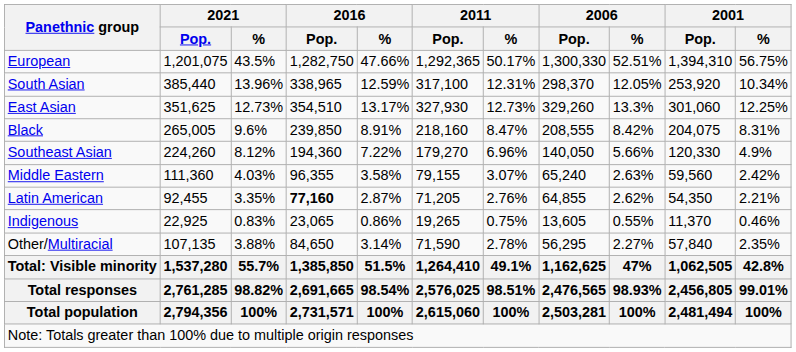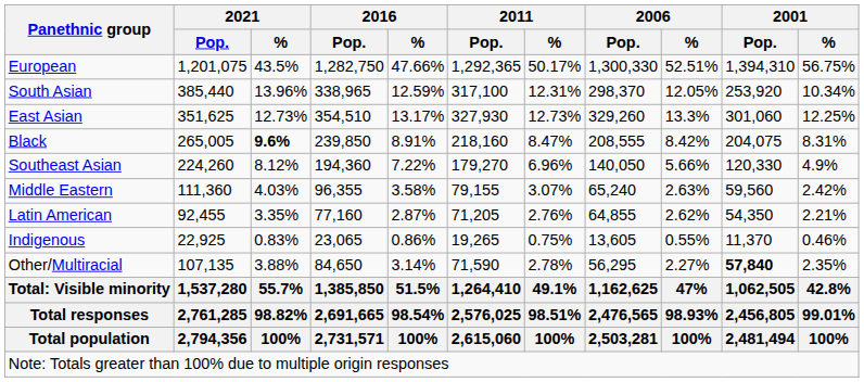 <table class="wikitable sortable mw-collapsible">
 <tr>
 <th rowspan="2"><a href='#'>Panethnic</a> group</th>
 <th colspan="2">2021</th>
 <th colspan="2">2016</th>
 <th colspan="2">2011</th>
 <th colspan="2">2006</th>
 <th colspan="2">2001</th>
 </tr>
 <tr>
 <th><a href='#'><abbr>Pop.</abbr></a></th>
 <th><abbr>%</abbr></th>
 <th><abbr>Pop.</abbr></th>
 <th><abbr>%</abbr></th>
 <th><abbr>Pop.</abbr></th>
 <th><abbr>%</abbr></th>
 <th><abbr>Pop.</abbr></th>
 <th><abbr>%</abbr></th>
 <th><abbr>Pop.</abbr></th>
 <th><abbr>%</abbr></th>
 </tr>
 <tr>
 <td><a href='#'>European</a></td>
 <td>1,201,075</td>
 <td>43.5%</td>
 <td>1,282,750</td>
 <td>47.66%</td>
 <td>1,292,365</td>
 <td>50.17%</td>
 <td>1,300,330</td>
 <td>52.51%</td>
 <td>1,394,310</td>
 <td>56.75%</td>
 </tr>
 <tr>
 <td><a href='#'>South Asian</a></td>
 <td>385,440</td>
 <td>13.96%</td>
 <td>338,965</td>
 <td>12.59%</td>
 <td>317,100</td>
 <td>12.31%</td>
 <td>298,370</td>
 <td>12.05%</td>
 <td>253,920</td>
 <td>10.34%</td>
 </tr>
 <tr>
 <td><a href='#'>East Asian</a></td>
 <td>351,625</td>
 <td>12.73%</td>
 <td>354,510</td>
 <td>13.17%</td>
 <td>327,930</td>
 <td>12.73%</td>
 <td>329,260</td>
 <td>13.3%</td>
 <td>301,060</td>
 <td>12.25%</td>
 </tr>
 <tr>
 <td><a href='#'>Black</a></td>
 <td>265,005</td>
-<td>9.6%</td>
+<td><strong>9.6%</strong></td>
 <td>239,850</td>
 <td>8.91%</td>
 <td>218,160</td>
 <td>8.47%</td>
 <td>208,555</td>
 <td>8.42%</td>
 <td>204,075</td>
 <td>8.31%</td>
 </tr>
 <tr>
 <td><a href='#'>Southeast Asian</a></td>
 <td>224,260</td>
 <td>8.12%</td>
 <td>194,360</td>
 <td>7.22%</td>
 <td>179,270</td>
 <td>6.96%</td>
 <td>140,050</td>
 <td>5.66%</td>
 <td>120,330</td>
 <td>4.9%</td>
 </tr>
 <tr>
 <td><a href='#'>Middle Eastern</a></td>
 <td>111,360</td>
 <td>4.03%</td>
 <td>96,355</td>
 <td>3.58%</td>
 <td>79,155</td>
 <td>3.07%</td>
 <td>65,240</td>
 <td>2.63%</td>
 <td>59,560</td>
 <td>2.42%</td>
 </tr>
 <tr>
 <td><a href='#'>Latin American</a></td>
 <td>92,455</td>
 <td>3.35%</td>
-<td><strong>77,160</strong></td>
+<td>77,160</td>
 <td>2.87%</td>
 <td>71,205</td>
 <td>2.76%</td>
 <td>64,855</td>
 <td>2.62%</td>
 <td>54,350</td>
 <td>2.21%</td>
 </tr>
 <tr>
 <td><a href='#'>Indigenous</a></td>
 <td>22,925</td>
 <td>0.83%</td>
 <td>23,065</td>
 <td>0.86%</td>
 <td>19,265</td>
 <td>0.75%</td>
 <td>13,605</td>
 <td>0.55%</td>
 <td>11,370</td>
 <td>0.46%</td>
 </tr>
 <tr>
 <td>Other/<a href='#'>Multiracial</a></td>
 <td>107,135</td>
 <td>3.88%</td>
 <td>84,650</td>
 <td>3.14%</td>
 <td>71,590</td>
 <td>2.78%</td>
 <td>56,295</td>
 <td>2.27%</td>
-<td>57,840</td>
+<td><strong>57,840</strong></td>
 <td>2.35%</td>
 </tr>
 <tr>
 <th>Total: Visible minority</th>
 <th>1,537,280</th>
 <th>55.7%</th>
 <th>1,385,850</th>
 <th>51.5%</th>
 <th>1,264,410</th>
 <th>49.1%</th>
 <th>1,162,625</th>
 <th>47%</th>
 <th>1,062,505</th>
 <th>42.8%</th>
 </tr>
 <tr>
 <th>Total responses</th>
 <th>2,761,285</th>
 <th>98.82%</th>
 <th>2,691,665</th>
 <th>98.54%</th>
 <th>2,576,025</th>
 <th>98.51%</th>
 <th>2,476,565</th>
 <th>98.93%</th>
 <th>2,456,805</th>
 <th>99.01%</th>
 </tr>
 <tr>
 <th>Total population</th>
 <th>2,794,356</th>
 <th>100%</th>
 <th>2,731,571</th>
 <th>100%</th>
 <th>2,615,060</th>
 <th>100%</th>
 <th>2,503,281</th>
 <th>100%</th>
 <th>2,481,494</th>
 <th>100%</th>
 </tr>
 <tr>
 <td colspan="15">Note: Totals greater than 100% due to multiple origin responses</td>
 </tr>
 </table>
